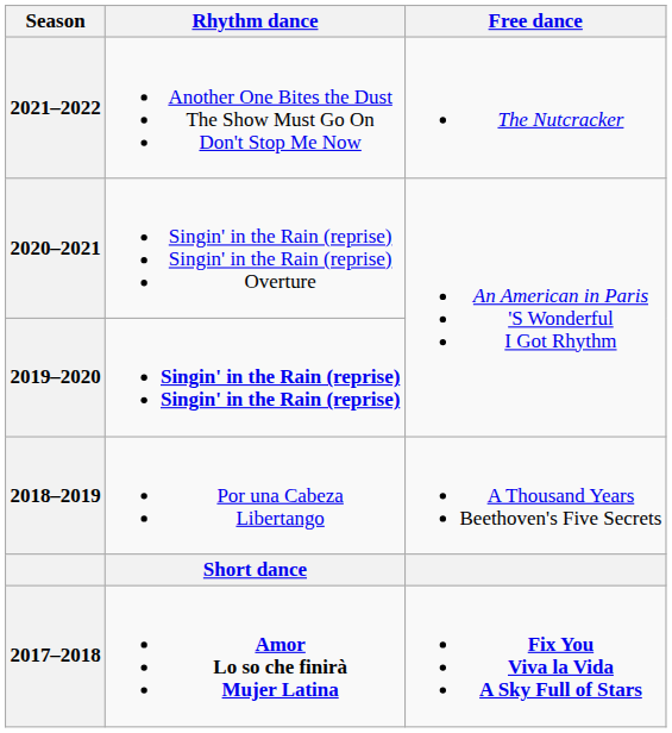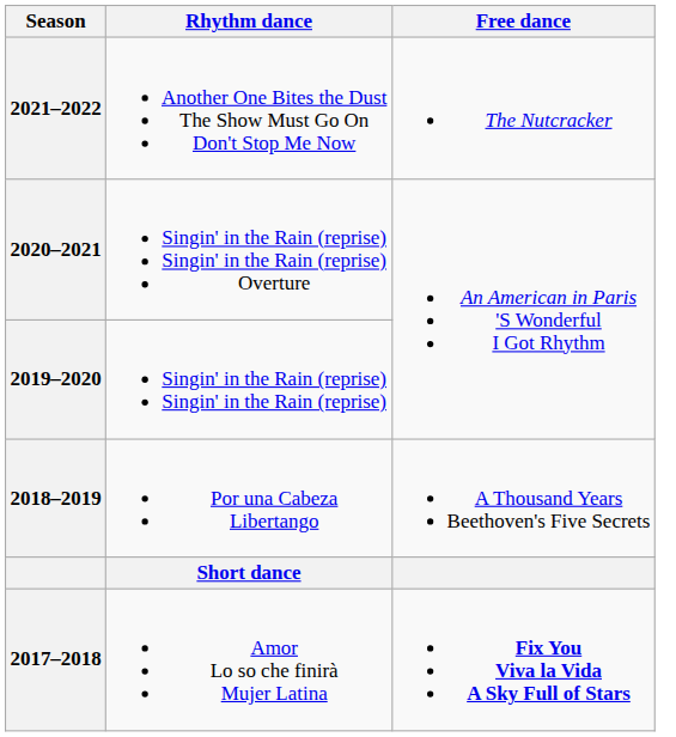 <table class=wikitable style=text-align:center>
 <tr>
 <th>Season</th>
 <th><a href='#'>Rhythm dance</a></th>
 <th><a href='#'>Free dance</a></th>
 </tr>
 <tr>
 <th>2021–2022 <br></th>
 <td><br><ul><li> <a href='#'>Another One Bites the Dust</a></li><li> The Show Must Go On</li><li> <a href='#'>Don't Stop Me Now</a> <br> </li></ul></td>
 <td><br><ul><li><em><a href='#'>The Nutcracker</a></em> <br> </li></ul></td>
 </tr>
 <tr>
 <th>2020–2021 <br></th>
 <td><br><ul><li><a href='#'>Singin' in the Rain (reprise)</a></li><li><a href='#'>Singin' in the Rain (reprise)</a></li><li>Overture <br></li></ul></td>
 <td rowspan=2><br><ul><li><em><a href='#'>An American in Paris</a></em></li><li><a href='#'>'S Wonderful</a></li><li><a href='#'>I Got Rhythm</a><br></li></ul></td>
 </tr>
 <tr>
 <th>2019–2020 <br></th>
-<td><strong><br><ul><li> <a href='#'>Singin' in the Rain (reprise)</a></li><li> <a href='#'>Singin' in the Rain (reprise)</a><br></li></ul></strong></td>
+<td><br><ul><li> <a href='#'>Singin' in the Rain (reprise)</a></li><li> <a href='#'>Singin' in the Rain (reprise)</a><br></li></ul></td>
 </tr>
 <tr>
 <th>2018–2019 <br></th>
 <td><br><ul><li> <a href='#'>Por una Cabeza</a><br></li><li> <a href='#'>Libertango</a><br></li></ul></td>
 <td><br><ul><li><a href='#'>A Thousand Years</a><br></li><li>Beethoven's Five Secrets<br></li></ul></td>
 </tr>
 <tr>
 <th></th>
 <th><a href='#'>Short dance</a></th>
 <th></th>
 </tr>
 <tr>
 <th>2017–2018 <br></th>
-<td><strong><br><ul><li> <a href='#'>Amor</a><br></li><li> Lo so che finirà<br></li><li> <a href='#'>Mujer Latina</a><br></li></ul></strong></td>
+<td><br><ul><li> <a href='#'>Amor</a><br></li><li> Lo so che finirà<br></li><li> <a href='#'>Mujer Latina</a><br></li></ul></td>
 <td><strong><br><ul><li><a href='#'>Fix You</a></li><li><a href='#'>Viva la Vida</a></li><li><a href='#'>A Sky Full of Stars</a><br></li></ul></strong></td>
 </tr>
 </table>
